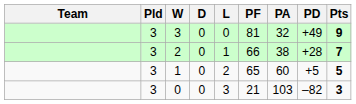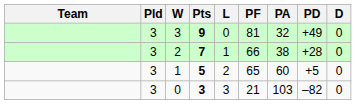 <table class="wikitable" style="text-align:center;">
 <tr>
 <th width=175>Team</th>
 <th width=25 abbr="Played">Pld</th>
 <th width=25 abbr="Won">W</th>
-<th width=25 abbr="Drawn">D</th>
+<th width=25 abbr="Points">Pts</th>
 <th width=25 abbr="Lost">L</th>
 <th width=32 abbr="Points for">PF</th>
 <th width=32 abbr="Points against">PA</th>
 <th width=32 abbr="Points difference">PD</th>
-<th width=25 abbr="Points">Pts</th>
+<th width=25 abbr="Drawn">D</th>
 </tr>
 <tr bgcolor=ccffcc>
 <td align=left></td>
 <td>3</td>
 <td>3</td>
-<td>0</td>
+<td><strong>9</strong></td>
 <td>0</td>
 <td>81</td>
 <td>32</td>
 <td>+49</td>
-<td><strong>9</strong></td>
+<td>0</td>
 </tr>
 <tr bgcolor=ccffcc>
 <td align=left></td>
 <td>3</td>
 <td>2</td>
-<td>0</td>
+<td><strong>7</strong></td>
 <td>1</td>
 <td>66</td>
 <td>38</td>
 <td>+28</td>
-<td><strong>7</strong></td>
+<td>0</td>
 </tr>
 <tr>
 <td align=left></td>
 <td>3</td>
 <td>1</td>
-<td>0</td>
+<td><strong>5</strong></td>
 <td>2</td>
 <td>65</td>
 <td>60</td>
 <td>+5</td>
-<td><strong>5</strong></td>
+<td>0</td>
 </tr>
 <tr>
 <td align=left></td>
 <td>3</td>
 <td>0</td>
-<td>0</td>
+<td><strong>3</strong></td>
 <td>3</td>
 <td>21</td>
 <td>103</td>
 <td>–82</td>
-<td><strong>3</strong></td>
+<td>0</td>
 </tr>
 </table>
